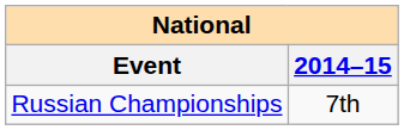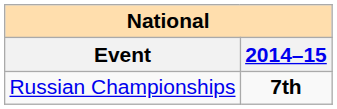 <table class="wikitable" style="text-align:center">
 <tr>
 <th style="background-color: #ffdead; " colspan=2 align=center>National</th>
 </tr>
 <tr>
 <th>Event</th>
 <th><a href='#'>2014–15</a></th>
 </tr>
 <tr>
 <td align=left><a href='#'>Russian Championships</a></td>
-<td>7th</td>
+<td><strong>7th</strong></td>
 </tr>
 </table>
